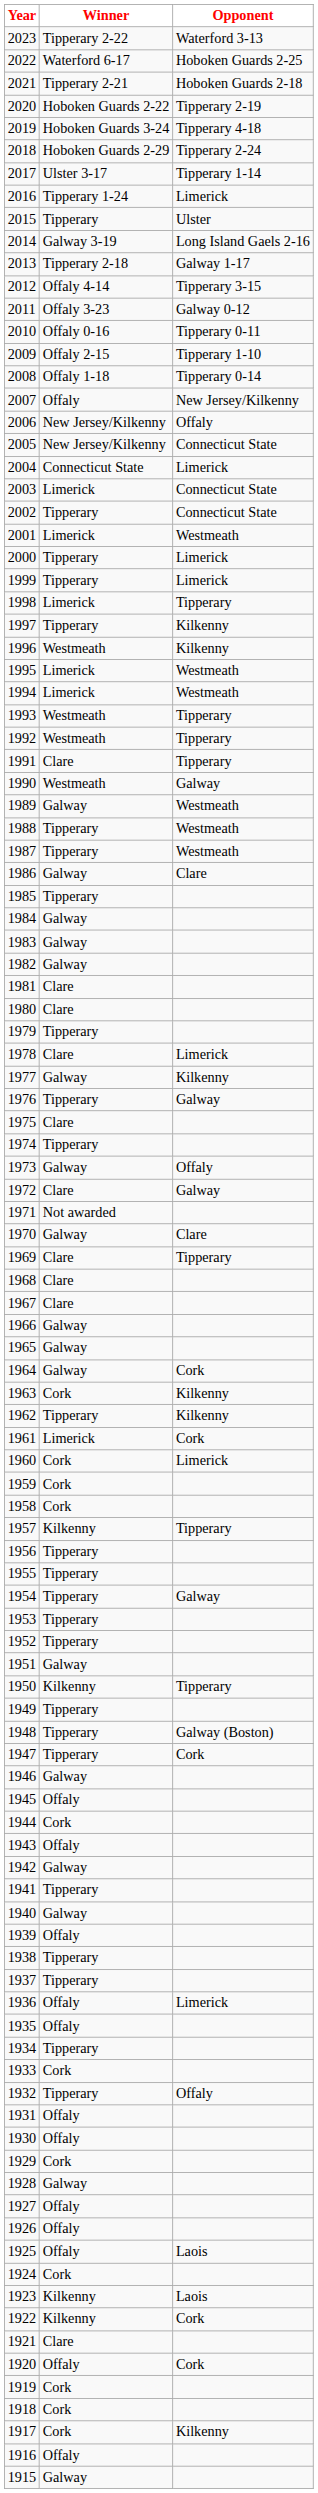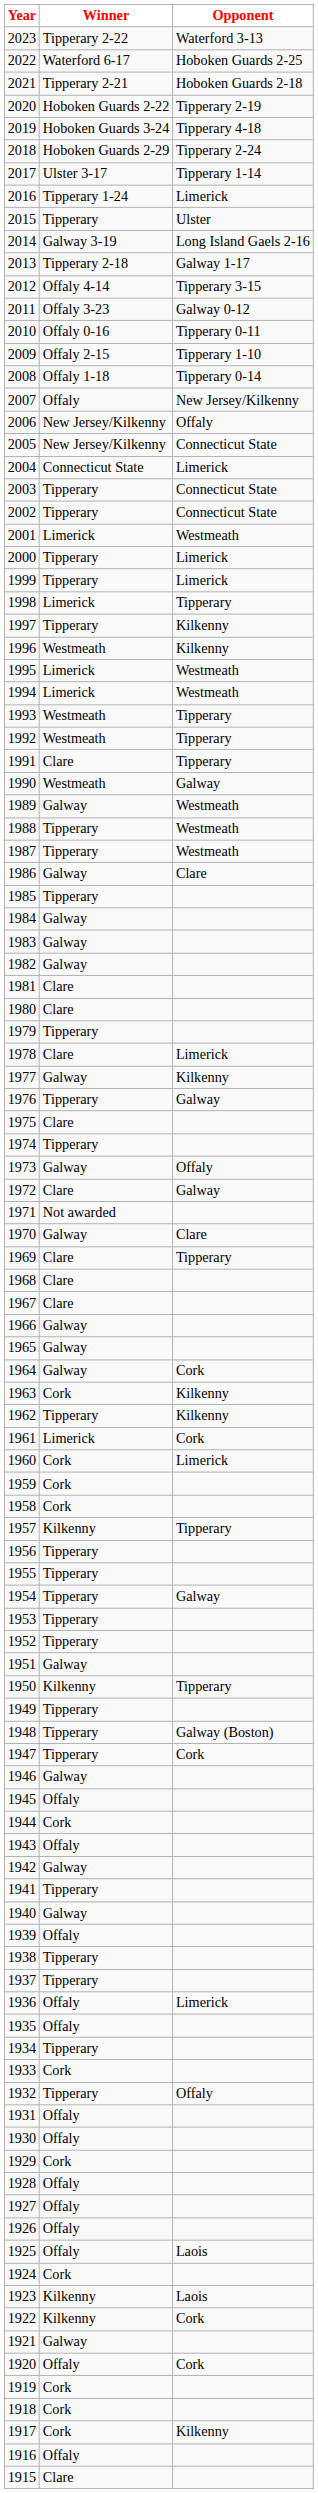 <table class="wikitable">
 <tr>
 <th style="background:white;color:red;">Year</th>
 <th style="background:white;color:red;">Winner</th>
 <th style="background:white;color:red;">Opponent</th>
 </tr>
 <tr>
 <td>2023</td>
 <td>Tipperary 2-22</td>
 <td>Waterford 3-13</td>
 </tr>
 <tr>
 <td>2022</td>
 <td>Waterford 6-17</td>
 <td>Hoboken Guards 2-25</td>
 </tr>
 <tr>
 <td>2021</td>
 <td>Tipperary 2-21</td>
 <td>Hoboken Guards 2-18</td>
 </tr>
 <tr>
 <td>2020</td>
 <td>Hoboken Guards 2-22</td>
 <td>Tipperary 2-19</td>
 </tr>
 <tr>
 <td>2019</td>
 <td>Hoboken Guards 3-24</td>
 <td>Tipperary 4-18</td>
 </tr>
 <tr>
 <td>2018</td>
 <td>Hoboken Guards 2-29</td>
 <td>Tipperary 2-24</td>
 </tr>
 <tr>
 <td>2017</td>
 <td>Ulster 3-17</td>
 <td>Tipperary 1-14</td>
 </tr>
 <tr>
 <td>2016</td>
 <td>Tipperary 1-24</td>
 <td>Limerick</td>
 </tr>
 <tr>
 <td>2015</td>
 <td>Tipperary</td>
 <td>Ulster</td>
 </tr>
 <tr>
 <td>2014</td>
 <td>Galway 3-19</td>
 <td>Long Island Gaels 2-16</td>
 </tr>
 <tr>
 <td>2013</td>
 <td>Tipperary 2-18</td>
 <td>Galway 1-17</td>
 </tr>
 <tr>
 <td>2012</td>
 <td>Offaly 4-14</td>
 <td>Tipperary 3-15</td>
 </tr>
 <tr>
 <td>2011</td>
 <td>Offaly 3-23</td>
 <td>Galway 0-12</td>
 </tr>
 <tr>
 <td>2010</td>
 <td>Offaly 0-16</td>
 <td>Tipperary 0-11</td>
 </tr>
 <tr>
 <td>2009</td>
 <td>Offaly 2-15</td>
 <td>Tipperary 1-10</td>
 </tr>
 <tr>
 <td>2008</td>
 <td>Offaly 1-18</td>
 <td>Tipperary 0-14</td>
 </tr>
 <tr>
 <td>2007</td>
 <td>Offaly</td>
 <td>New Jersey/Kilkenny</td>
 </tr>
 <tr>
 <td>2006</td>
 <td>New Jersey/Kilkenny</td>
 <td>Offaly</td>
 </tr>
 <tr>
 <td>2005</td>
 <td>New Jersey/Kilkenny</td>
 <td>Connecticut State</td>
 </tr>
 <tr>
 <td>2004</td>
 <td>Connecticut State</td>
 <td>Limerick</td>
 </tr>
 <tr>
 <td>2003</td>
-<td>Limerick</td>
+<td>Tipperary</td>
 <td>Connecticut State</td>
 </tr>
 <tr>
 <td>2002</td>
 <td>Tipperary</td>
 <td>Connecticut State</td>
 </tr>
 <tr>
 <td>2001</td>
 <td>Limerick</td>
 <td>Westmeath</td>
 </tr>
 <tr>
 <td>2000</td>
 <td>Tipperary</td>
 <td>Limerick</td>
 </tr>
 <tr>
 <td>1999</td>
 <td>Tipperary</td>
 <td>Limerick</td>
 </tr>
 <tr>
 <td>1998</td>
 <td>Limerick</td>
 <td>Tipperary</td>
 </tr>
 <tr>
 <td>1997</td>
 <td>Tipperary</td>
 <td>Kilkenny</td>
 </tr>
 <tr>
 <td>1996</td>
 <td>Westmeath</td>
 <td>Kilkenny</td>
 </tr>
 <tr>
 <td>1995</td>
 <td>Limerick</td>
 <td>Westmeath</td>
 </tr>
 <tr>
 <td>1994</td>
 <td>Limerick</td>
 <td>Westmeath</td>
 </tr>
 <tr>
 <td>1993</td>
 <td>Westmeath</td>
 <td>Tipperary</td>
 </tr>
 <tr>
 <td>1992</td>
 <td>Westmeath</td>
 <td>Tipperary</td>
 </tr>
 <tr>
 <td>1991</td>
 <td>Clare</td>
 <td>Tipperary</td>
 </tr>
 <tr>
 <td>1990</td>
 <td>Westmeath</td>
 <td>Galway</td>
 </tr>
 <tr>
 <td>1989</td>
 <td>Galway</td>
 <td>Westmeath</td>
 </tr>
 <tr>
 <td>1988</td>
 <td>Tipperary</td>
 <td>Westmeath</td>
 </tr>
 <tr>
 <td>1987</td>
 <td>Tipperary</td>
 <td>Westmeath</td>
 </tr>
 <tr>
 <td>1986</td>
 <td>Galway</td>
 <td>Clare</td>
 </tr>
 <tr>
 <td>1985</td>
 <td>Tipperary</td>
 <td></td>
 </tr>
 <tr>
 <td>1984</td>
 <td>Galway</td>
 <td></td>
 </tr>
 <tr>
 <td>1983</td>
 <td>Galway</td>
 <td></td>
 </tr>
 <tr>
 <td>1982</td>
 <td>Galway</td>
 <td></td>
 </tr>
 <tr>
 <td>1981</td>
 <td>Clare</td>
 <td></td>
 </tr>
 <tr>
 <td>1980</td>
 <td>Clare</td>
 <td></td>
 </tr>
 <tr>
 <td>1979</td>
 <td>Tipperary</td>
 <td></td>
 </tr>
 <tr>
 <td>1978</td>
 <td>Clare</td>
 <td>Limerick</td>
 </tr>
 <tr>
 <td>1977</td>
 <td>Galway</td>
 <td>Kilkenny</td>
 </tr>
 <tr>
 <td>1976</td>
 <td>Tipperary</td>
 <td>Galway</td>
 </tr>
 <tr>
 <td>1975</td>
 <td>Clare</td>
 <td></td>
 </tr>
 <tr>
 <td>1974</td>
 <td>Tipperary</td>
 <td></td>
 </tr>
 <tr>
 <td>1973</td>
 <td>Galway</td>
 <td>Offaly</td>
 </tr>
 <tr>
 <td>1972</td>
 <td>Clare</td>
 <td>Galway</td>
 </tr>
 <tr>
 <td>1971</td>
 <td>Not awarded</td>
 <td></td>
 </tr>
 <tr>
 <td>1970</td>
 <td>Galway</td>
 <td>Clare</td>
 </tr>
 <tr>
 <td>1969</td>
 <td>Clare</td>
 <td>Tipperary</td>
 </tr>
 <tr>
 <td>1968</td>
 <td>Clare</td>
 <td></td>
 </tr>
 <tr>
 <td>1967</td>
 <td>Clare</td>
 <td></td>
 </tr>
 <tr>
 <td>1966</td>
 <td>Galway</td>
 <td></td>
 </tr>
 <tr>
 <td>1965</td>
 <td>Galway</td>
 <td></td>
 </tr>
 <tr>
 <td>1964</td>
 <td>Galway</td>
 <td>Cork</td>
 </tr>
 <tr>
 <td>1963</td>
 <td>Cork</td>
 <td>Kilkenny</td>
 </tr>
 <tr>
 <td>1962</td>
 <td>Tipperary</td>
 <td>Kilkenny</td>
 </tr>
 <tr>
 <td>1961</td>
 <td>Limerick</td>
 <td>Cork</td>
 </tr>
 <tr>
 <td>1960</td>
 <td>Cork</td>
 <td>Limerick</td>
 </tr>
 <tr>
 <td>1959</td>
 <td>Cork</td>
 <td></td>
 </tr>
 <tr>
 <td>1958</td>
 <td>Cork</td>
 <td></td>
 </tr>
 <tr>
 <td>1957</td>
 <td>Kilkenny</td>
 <td>Tipperary</td>
 </tr>
 <tr>
 <td>1956</td>
 <td>Tipperary</td>
 <td></td>
 </tr>
 <tr>
 <td>1955</td>
 <td>Tipperary</td>
 <td></td>
 </tr>
 <tr>
 <td>1954</td>
 <td>Tipperary</td>
 <td>Galway</td>
 </tr>
 <tr>
 <td>1953</td>
 <td>Tipperary</td>
 <td></td>
 </tr>
 <tr>
 <td>1952</td>
 <td>Tipperary</td>
 <td></td>
 </tr>
 <tr>
 <td>1951</td>
 <td>Galway</td>
 <td></td>
 </tr>
 <tr>
 <td>1950</td>
 <td>Kilkenny</td>
 <td>Tipperary</td>
 </tr>
 <tr>
 <td>1949</td>
 <td>Tipperary</td>
 <td></td>
 </tr>
 <tr>
 <td>1948</td>
 <td>Tipperary</td>
 <td>Galway (Boston)</td>
 </tr>
 <tr>
 <td>1947</td>
 <td>Tipperary</td>
 <td>Cork</td>
 </tr>
 <tr>
 <td>1946</td>
 <td>Galway</td>
 <td></td>
 </tr>
 <tr>
 <td>1945</td>
 <td>Offaly</td>
 <td></td>
 </tr>
 <tr>
 <td>1944</td>
 <td>Cork</td>
 <td></td>
 </tr>
 <tr>
 <td>1943</td>
 <td>Offaly</td>
 <td></td>
 </tr>
 <tr>
 <td>1942</td>
 <td>Galway</td>
 <td></td>
 </tr>
 <tr>
 <td>1941</td>
 <td>Tipperary</td>
 <td></td>
 </tr>
 <tr>
 <td>1940</td>
 <td>Galway</td>
 <td></td>
 </tr>
 <tr>
 <td>1939</td>
 <td>Offaly</td>
 <td></td>
 </tr>
 <tr>
 <td>1938</td>
 <td>Tipperary</td>
 <td></td>
 </tr>
 <tr>
 <td>1937</td>
 <td>Tipperary</td>
 <td></td>
 </tr>
 <tr>
 <td>1936</td>
 <td>Offaly</td>
 <td>Limerick</td>
 </tr>
 <tr>
 <td>1935</td>
 <td>Offaly</td>
 <td></td>
 </tr>
 <tr>
 <td>1934</td>
 <td>Tipperary</td>
 <td></td>
 </tr>
 <tr>
 <td>1933</td>
 <td>Cork</td>
 <td></td>
 </tr>
 <tr>
 <td>1932</td>
 <td>Tipperary</td>
 <td>Offaly</td>
 </tr>
 <tr>
 <td>1931</td>
 <td>Offaly</td>
 <td></td>
 </tr>
 <tr>
 <td>1930</td>
 <td>Offaly</td>
 <td></td>
 </tr>
 <tr>
 <td>1929</td>
 <td>Cork</td>
 <td></td>
 </tr>
 <tr>
 <td>1928</td>
-<td>Galway</td>
+<td>Offaly</td>
 <td></td>
 </tr>
 <tr>
 <td>1927</td>
 <td>Offaly</td>
 <td></td>
 </tr>
 <tr>
 <td>1926</td>
 <td>Offaly</td>
 <td></td>
 </tr>
 <tr>
 <td>1925</td>
 <td>Offaly</td>
 <td>Laois</td>
 </tr>
 <tr>
 <td>1924</td>
 <td>Cork</td>
 <td></td>
 </tr>
 <tr>
 <td>1923</td>
 <td>Kilkenny</td>
 <td>Laois</td>
 </tr>
 <tr>
 <td>1922</td>
 <td>Kilkenny</td>
 <td>Cork</td>
 </tr>
 <tr>
 <td>1921</td>
-<td>Clare</td>
+<td>Galway</td>
 <td></td>
 </tr>
 <tr>
 <td>1920</td>
 <td>Offaly</td>
 <td>Cork</td>
 </tr>
 <tr>
 <td>1919</td>
 <td>Cork</td>
 <td></td>
 </tr>
 <tr>
 <td>1918</td>
 <td>Cork</td>
 <td></td>
 </tr>
 <tr>
 <td>1917</td>
 <td>Cork</td>
 <td>Kilkenny</td>
 </tr>
 <tr>
 <td>1916</td>
 <td>Offaly</td>
 <td></td>
 </tr>
 <tr>
 <td>1915</td>
-<td>Galway</td>
+<td>Clare</td>
 <td></td>
 </tr>
 </table>
